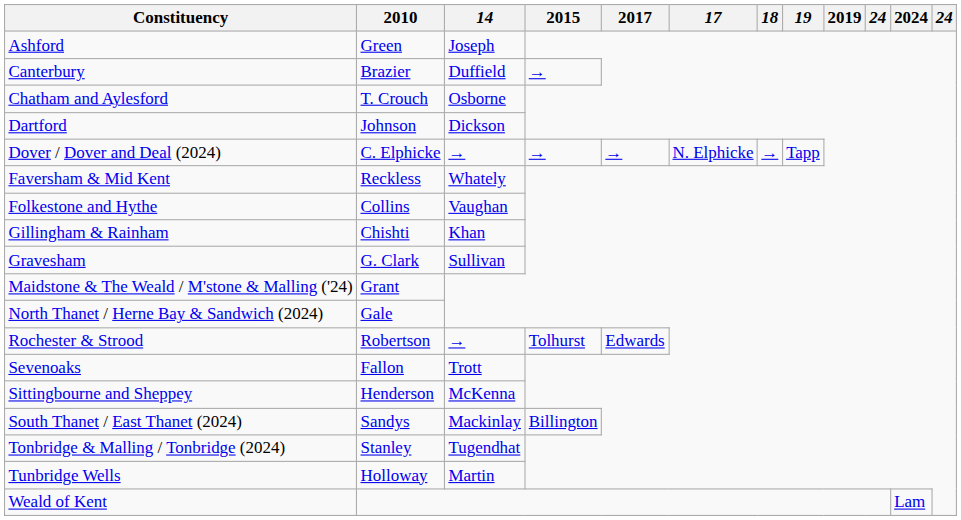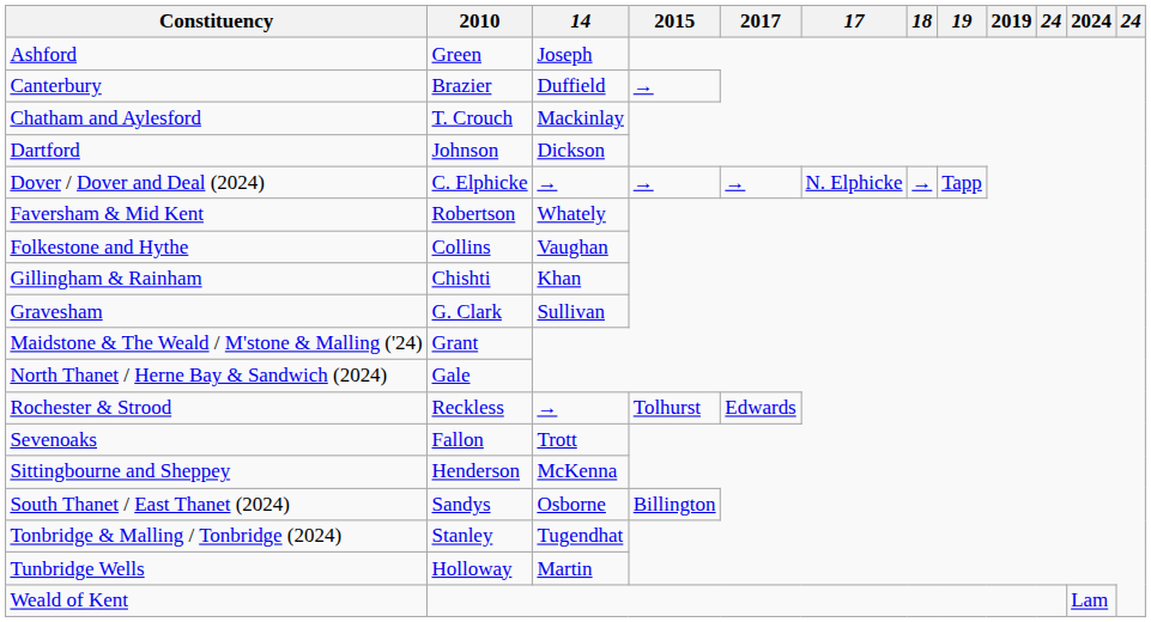 <table class="wikitable">
 <tr>
 <th>Constituency</th>
 <th>2010</th>
 <th><em>14</em></th>
 <th>2015</th>
 <th>2017</th>
 <th><em>17</em></th>
 <th><em>18</em></th>
 <th><em>19</em></th>
 <th>2019</th>
 <th><em>24</em></th>
 <th>2024</th>
 <th><em>24</em></th>
 </tr>
 <tr>
 <td><a href='#'>Ashford</a></td>
 <td><a href='#'>Green</a></td>
 <td><a href='#'>Joseph</a></td>
 </tr>
 <tr>
 <td><a href='#'>Canterbury</a></td>
 <td><a href='#'>Brazier</a></td>
 <td><a href='#'>Duffield</a></td>
 <td><a href='#'>→</a></td>
 </tr>
 <tr>
 <td><a href='#'>Chatham and Aylesford</a></td>
 <td><a href='#'>T. Crouch</a></td>
-<td><a href='#'>Osborne</a></td>
+<td><a href='#'>Mackinlay</a></td>
 </tr>
 <tr>
 <td><a href='#'>Dartford</a></td>
 <td><a href='#'>Johnson</a></td>
 <td><a href='#'>Dickson</a></td>
 </tr>
 <tr>
 <td><a href='#'>Dover</a> / <a href='#'>Dover and Deal</a> (2024)</td>
 <td><a href='#'>C. Elphicke</a></td>
 <td><a href='#'>→</a></td>
 <td><a href='#'>→</a></td>
 <td><a href='#'>→</a></td>
 <td><a href='#'>N. Elphicke</a></td>
 <td><a href='#'>→</a></td>
 <td><a href='#'>Tapp</a></td>
 </tr>
 <tr>
 <td><a href='#'>Faversham & Mid Kent</a></td>
-<td><a href='#'>Reckless</a></td>
+<td><a href='#'>Robertson</a></td>
 <td><a href='#'>Whately</a></td>
 </tr>
 <tr>
 <td><a href='#'>Folkestone and Hythe</a></td>
 <td><a href='#'>Collins</a></td>
 <td><a href='#'>Vaughan</a></td>
 </tr>
 <tr>
 <td><a href='#'>Gillingham & Rainham</a></td>
 <td><a href='#'>Chishti</a></td>
 <td><a href='#'>Khan</a></td>
 </tr>
 <tr>
 <td><a href='#'>Gravesham</a></td>
 <td><a href='#'>G. Clark</a></td>
 <td><a href='#'>Sullivan</a></td>
 </tr>
 <tr>
 <td><a href='#'>Maidstone & The Weald</a> / <a href='#'>M'stone & Malling</a> ('24)</td>
 <td><a href='#'>Grant</a></td>
 </tr>
 <tr>
 <td><a href='#'>North Thanet</a> / <a href='#'>Herne Bay & Sandwich</a> (2024)</td>
 <td><a href='#'>Gale</a></td>
 </tr>
 <tr>
 <td><a href='#'>Rochester & Strood</a></td>
-<td><a href='#'>Robertson</a></td>
+<td><a href='#'>Reckless</a></td>
 <td><a href='#'>→</a></td>
 <td><a href='#'>Tolhurst</a></td>
 <td><a href='#'>Edwards</a></td>
 </tr>
 <tr>
 <td><a href='#'>Sevenoaks</a></td>
 <td><a href='#'>Fallon</a></td>
 <td><a href='#'>Trott</a></td>
 </tr>
 <tr>
 <td><a href='#'>Sittingbourne and Sheppey</a></td>
 <td><a href='#'>Henderson</a></td>
 <td><a href='#'>McKenna</a></td>
 </tr>
 <tr>
 <td><a href='#'>South Thanet</a> / <a href='#'>East Thanet</a> (2024)</td>
 <td><a href='#'>Sandys</a></td>
-<td><a href='#'>Mackinlay</a></td>
+<td><a href='#'>Osborne</a></td>
 <td><a href='#'>Billington</a></td>
 </tr>
 <tr>
 <td><a href='#'>Tonbridge & Malling</a> / <a href='#'>Tonbridge</a> (2024)</td>
 <td><a href='#'>Stanley</a></td>
 <td><a href='#'>Tugendhat</a></td>
 </tr>
 <tr>
 <td><a href='#'>Tunbridge Wells</a></td>
 <td><a href='#'>Holloway</a></td>
 <td><a href='#'>Martin</a></td>
 </tr>
 <tr>
 <td><a href='#'>Weald of Kent</a></td>
 <td colspan="9"></td>
 <td><a href='#'>Lam</a></td>
 </tr>
 </table>
